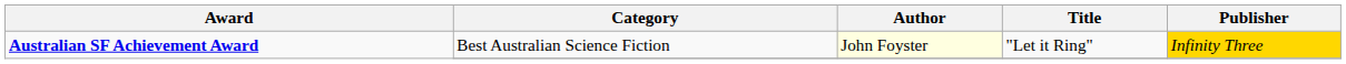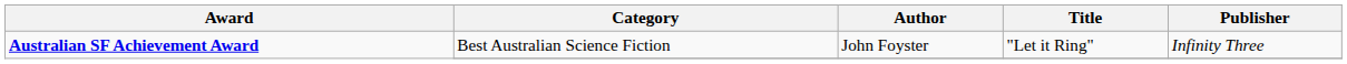 <table class="wikitable" width=100%>
 <tr>
 <th>Award</th>
 <th>Category</th>
 <th>Author</th>
 <th>Title</th>
 <th>Publisher</th>
 </tr>
 <tr>
 <td rowspan=2><strong><a href='#'> Australian SF Achievement Award</a></strong></td>
 <td>Best Australian Science Fiction</td>
-<td style="background: lightyellow;">John Foyster</td>
+<td>John Foyster</td>
 <td>"Let it Ring"</td>
-<td style="background: gold;"><em>Infinity Three</em></td>
+<td><em>Infinity Three</em></td>
 </tr>
 <tr>
 </tr>
 </table>
